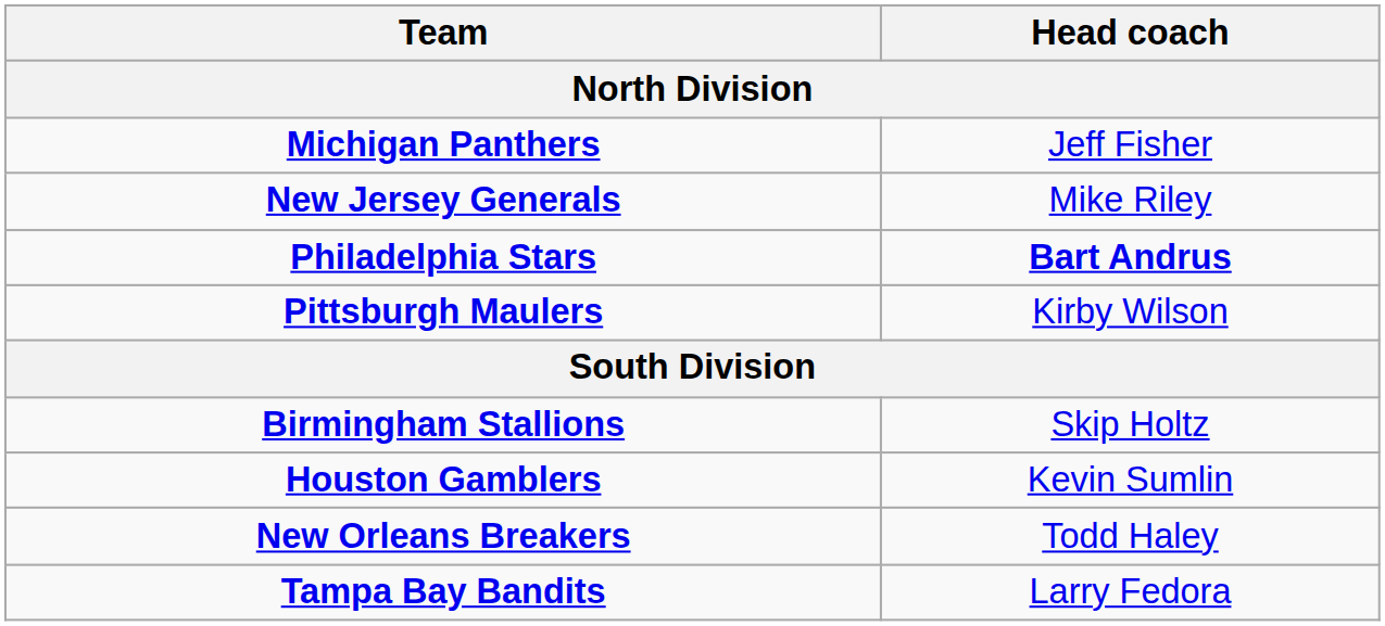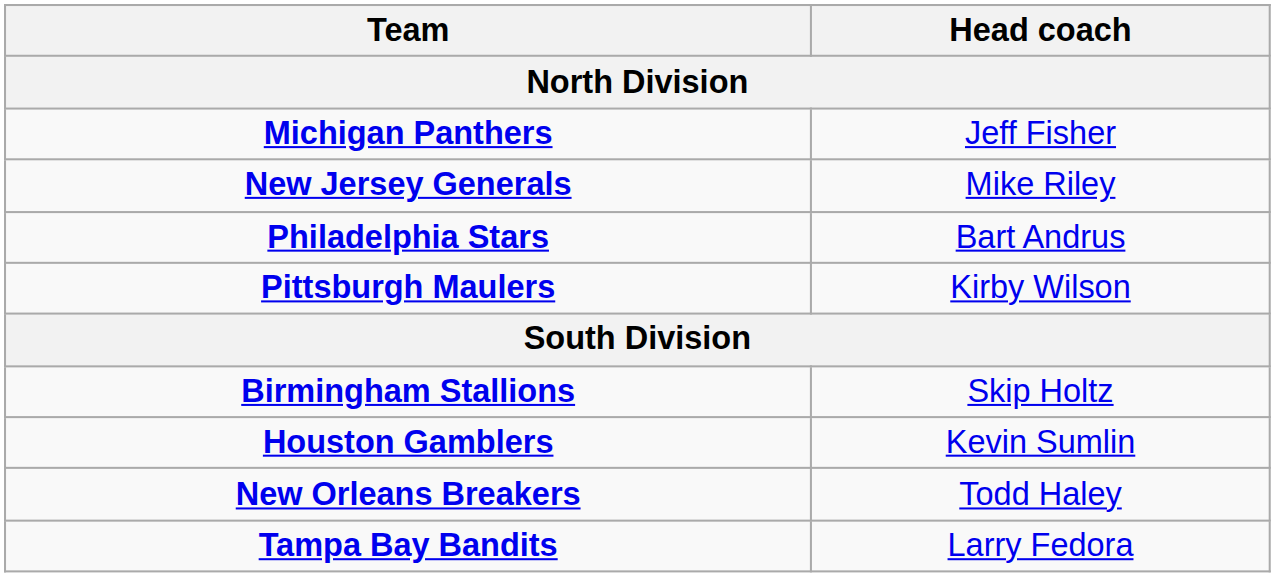 <table class="wikitable" style="width:100%">
 <tr>
 <th>Team</th>
 <th>Head coach</th>
 </tr>
 <tr>
 <th colspan="4">North Division</th>
 </tr>
 <tr>
 <td style="text-align:center;"><a href='#'><strong>Michigan Panthers</strong></a></td>
 <td style="text-align:center;"><a href='#'>Jeff Fisher</a></td>
 </tr>
 <tr>
 <td style="text-align:center;"><a href='#'><strong>New Jersey Generals</strong></a></td>
 <td style="text-align:center;"><a href='#'>Mike Riley</a></td>
 </tr>
 <tr>
 <td style="text-align:center;"><a href='#'><strong>Philadelphia Stars</strong></a></td>
-<td style="text-align:center;"><strong><a href='#'>Bart Andrus</a></strong></td>
+<td style="text-align:center;"><a href='#'>Bart Andrus</a></td>
 </tr>
 <tr>
 <td style="text-align:center;"><a href='#'><strong>Pittsburgh Maulers</strong></a></td>
 <td style="text-align:center;"><a href='#'>Kirby Wilson</a></td>
 </tr>
 <tr>
 <th colspan="4">South Division</th>
 </tr>
 <tr>
 <td style="text-align:center;"><a href='#'><strong>Birmingham Stallions</strong></a></td>
 <td style="text-align:center;"><a href='#'>Skip Holtz</a></td>
 </tr>
 <tr>
 <td style="text-align:center;"><a href='#'><strong>Houston Gamblers</strong></a></td>
 <td style="text-align:center;"><a href='#'>Kevin Sumlin</a></td>
 </tr>
 <tr>
 <td style="text-align:center;"><a href='#'><strong>New Orleans Breakers</strong></a></td>
 <td style="text-align:center;"><a href='#'>Todd Haley</a></td>
 </tr>
 <tr>
 <td style="text-align:center;"><a href='#'><strong>Tampa Bay Bandits</strong></a></td>
 <td style="text-align:center;"><a href='#'>Larry Fedora</a></td>
 </tr>
 </table>
